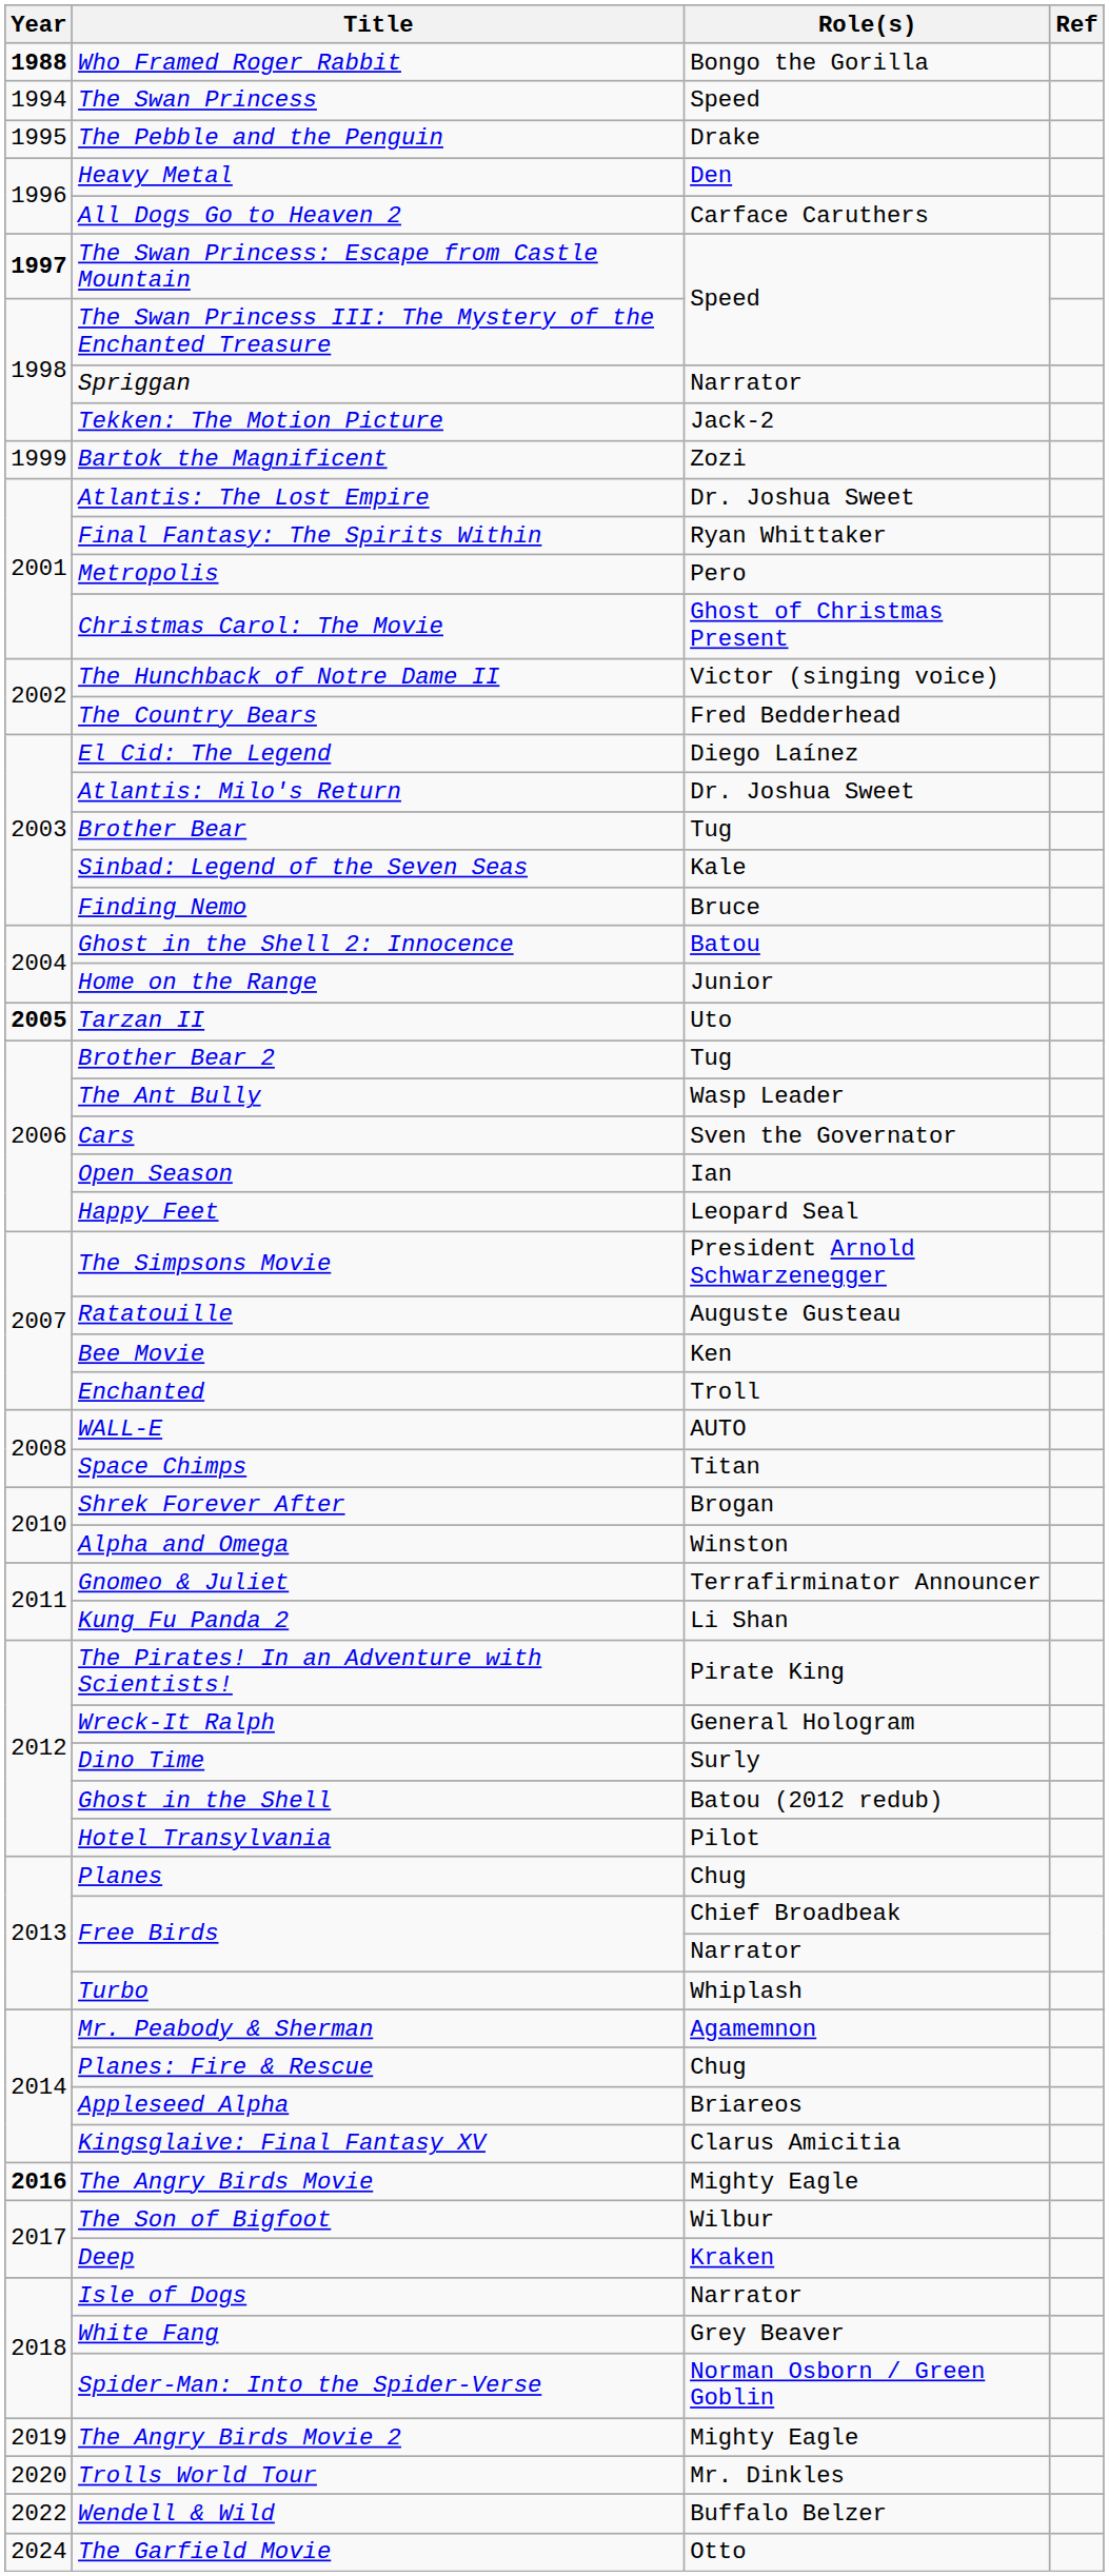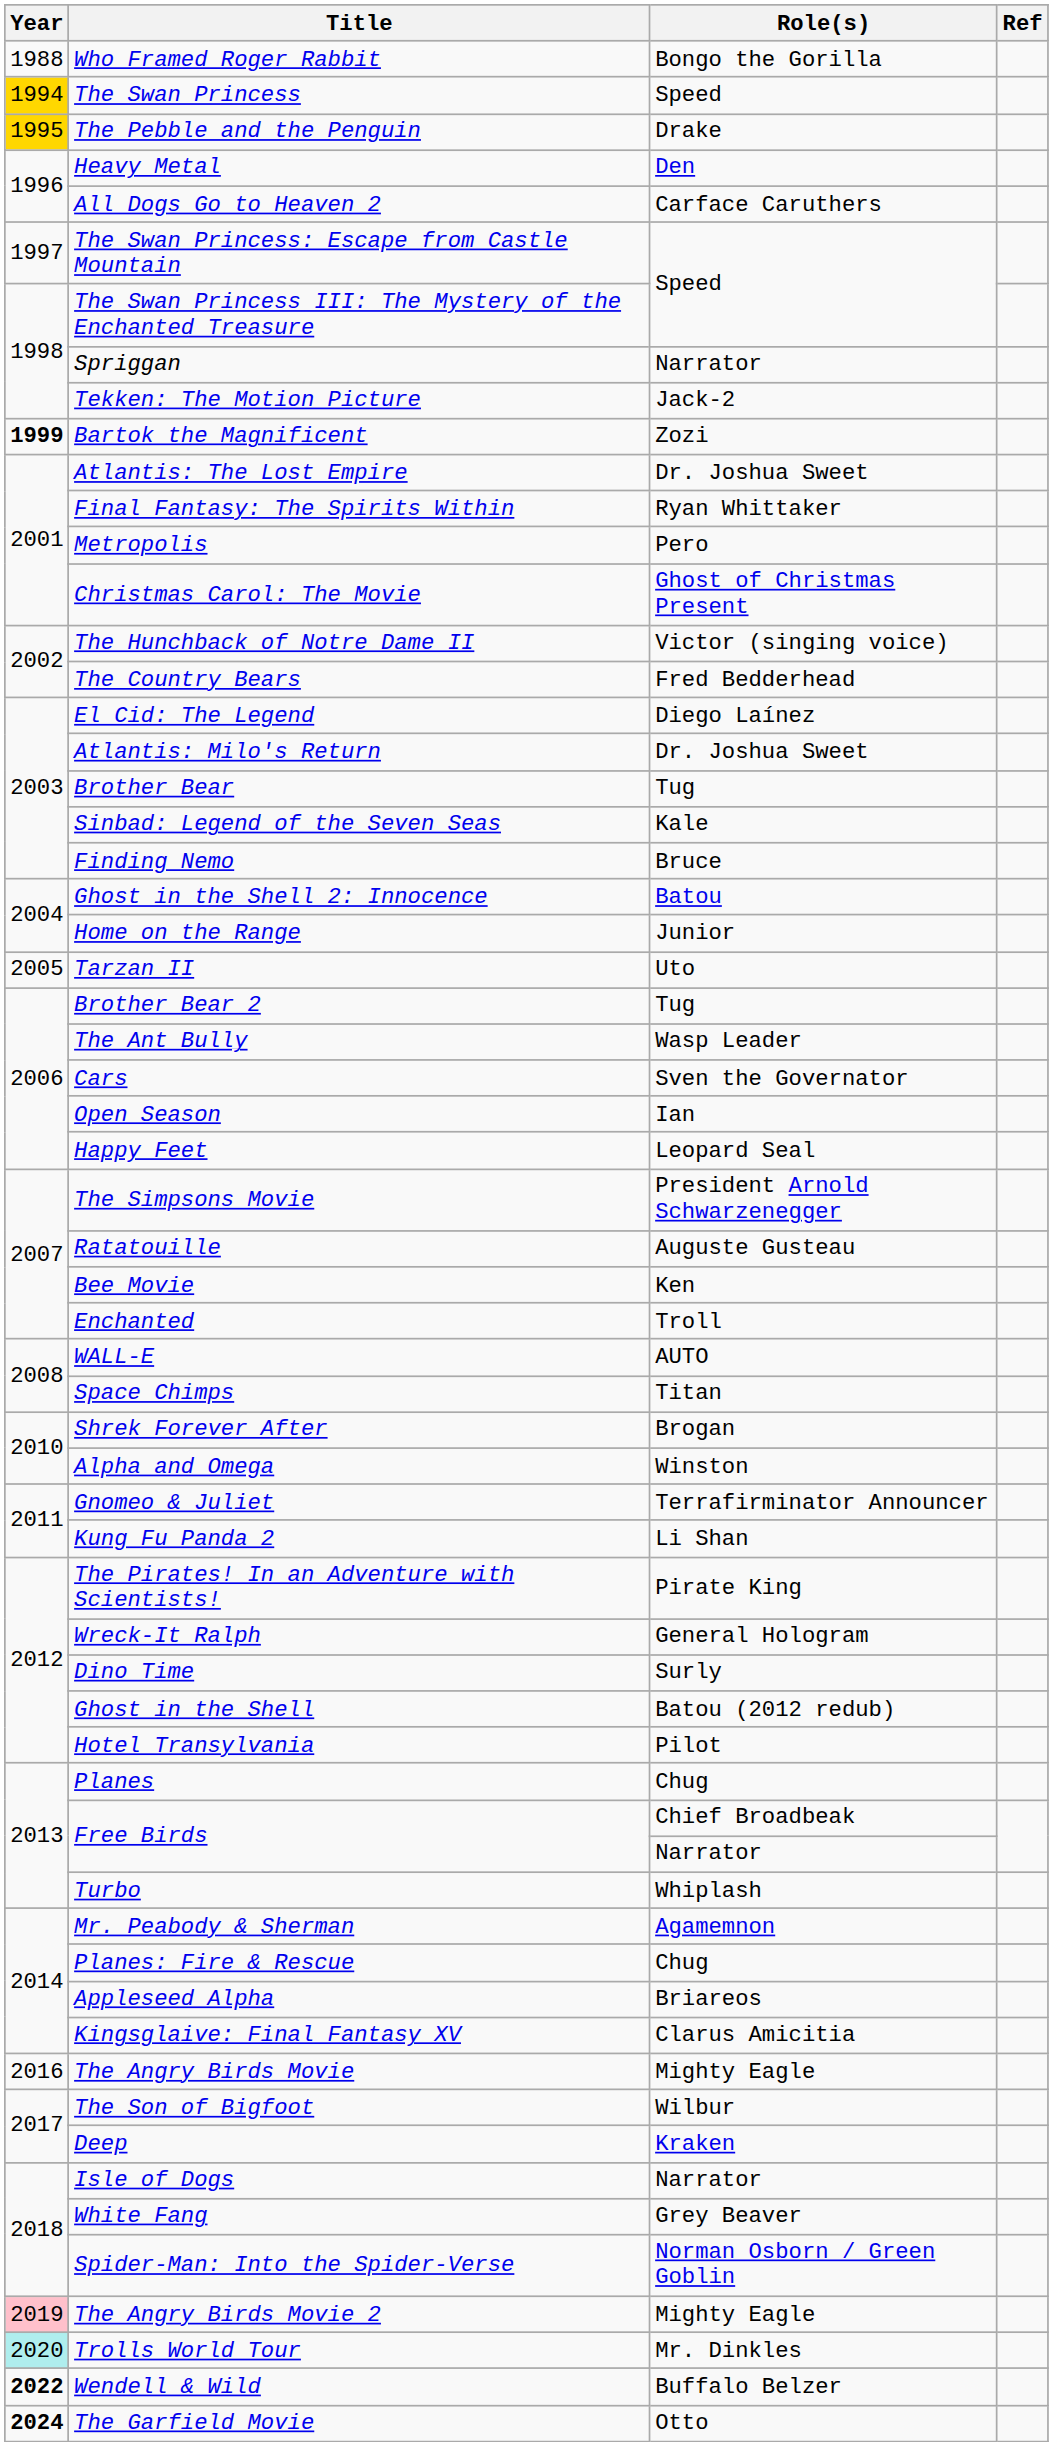 <table class="wikitable plainrowheaders sortable">
 <tr>
 <th scope="col">Year</th>
 <th scope="col">Title</th>
 <th scope="col">Role(s)</th>
 <th scope="col" class="unsortable">Ref</th>
 </tr>
 <tr>
-<td><strong>1988</strong></td>
+<td>1988</td>
 <td><em><a href='#'>Who Framed Roger Rabbit</a></em></td>
 <td>Bongo the Gorilla</td>
 <td></td>
 </tr>
 <tr>
-<td>1994</td>
+<td style="background: gold;">1994</td>
 <td><em><a href='#'>The Swan Princess</a></em></td>
 <td>Speed</td>
 <td></td>
 </tr>
 <tr>
-<td>1995</td>
+<td style="background: gold;">1995</td>
 <td><em><a href='#'>The Pebble and the Penguin</a></em></td>
 <td>Drake</td>
 <td></td>
 </tr>
 <tr>
 <td rowspan=2>1996</td>
 <td><em><a href='#'>Heavy Metal</a></em></td>
 <td><a href='#'>Den</a></td>
 <td></td>
 </tr>
 <tr>
 <td><em><a href='#'>All Dogs Go to Heaven 2</a></em></td>
 <td>Carface Caruthers</td>
 <td></td>
 </tr>
 <tr>
-<td><strong>1997</strong></td>
+<td>1997</td>
 <td><em><a href='#'>The Swan Princess: Escape from Castle Mountain</a></em></td>
 <td rowspan=2>Speed</td>
 <td></td>
 </tr>
 <tr>
 <td rowspan=3>1998</td>
 <td><em><a href='#'>The Swan Princess III: The Mystery of the Enchanted Treasure</a></em></td>
 <td></td>
 </tr>
 <tr>
 <td><em>Spriggan</em></td>
 <td>Narrator</td>
 <td></td>
 </tr>
 <tr>
 <td><em><a href='#'>Tekken: The Motion Picture</a></em></td>
 <td>Jack-2</td>
 <td></td>
 </tr>
 <tr>
-<td>1999</td>
+<td><strong>1999</strong></td>
 <td><em><a href='#'>Bartok the Magnificent</a></em></td>
 <td>Zozi</td>
 <td></td>
 </tr>
 <tr>
 <td rowspan=4>2001</td>
 <td><em><a href='#'>Atlantis: The Lost Empire</a></em></td>
 <td>Dr. Joshua Sweet</td>
 <td></td>
 </tr>
 <tr>
 <td><em><a href='#'>Final Fantasy: The Spirits Within</a></em></td>
 <td>Ryan Whittaker</td>
 <td></td>
 </tr>
 <tr>
 <td><em><a href='#'>Metropolis</a></em></td>
 <td>Pero</td>
 <td></td>
 </tr>
 <tr>
 <td><em><a href='#'>Christmas Carol: The Movie</a></em></td>
 <td><a href='#'>Ghost of Christmas Present</a></td>
 <td></td>
 </tr>
 <tr>
 <td rowspan=2>2002</td>
 <td><em><a href='#'>The Hunchback of Notre Dame II</a></em></td>
 <td>Victor (singing voice)</td>
 <td></td>
 </tr>
 <tr>
 <td><em><a href='#'>The Country Bears</a></em></td>
 <td>Fred Bedderhead</td>
 <td></td>
 </tr>
 <tr>
 <td rowspan=5>2003</td>
 <td><em><a href='#'>El Cid: The Legend</a></em></td>
 <td>Diego Laínez</td>
 <td></td>
 </tr>
 <tr>
 <td><em><a href='#'>Atlantis: Milo's Return</a></em></td>
 <td>Dr. Joshua Sweet</td>
 <td></td>
 </tr>
 <tr>
 <td><em><a href='#'>Brother Bear</a></em></td>
 <td>Tug</td>
 <td></td>
 </tr>
 <tr>
 <td><em><a href='#'>Sinbad: Legend of the Seven Seas</a></em></td>
 <td>Kale</td>
 <td></td>
 </tr>
 <tr>
 <td><em><a href='#'>Finding Nemo</a></em></td>
 <td>Bruce</td>
 <td></td>
 </tr>
 <tr>
 <td rowspan=2>2004</td>
 <td><em><a href='#'>Ghost in the Shell 2: Innocence</a></em></td>
 <td><a href='#'>Batou</a></td>
 <td></td>
 </tr>
 <tr>
 <td><em><a href='#'>Home on the Range</a></em></td>
 <td>Junior</td>
 <td></td>
 </tr>
 <tr>
-<td><strong>2005</strong></td>
+<td>2005</td>
 <td><em><a href='#'>Tarzan II</a></em></td>
 <td>Uto</td>
 <td></td>
 </tr>
 <tr>
 <td rowspan=5>2006</td>
 <td><em><a href='#'>Brother Bear 2</a></em></td>
 <td>Tug</td>
 <td></td>
 </tr>
 <tr>
 <td><em><a href='#'>The Ant Bully</a></em></td>
 <td>Wasp Leader</td>
 <td></td>
 </tr>
 <tr>
 <td><em><a href='#'>Cars</a></em></td>
 <td>Sven the Governator</td>
 <td></td>
 </tr>
 <tr>
 <td><em><a href='#'>Open Season</a></em></td>
 <td>Ian</td>
 <td></td>
 </tr>
 <tr>
 <td><em><a href='#'>Happy Feet</a></em></td>
 <td>Leopard Seal</td>
 <td></td>
 </tr>
 <tr>
 <td rowspan=4>2007</td>
 <td><em><a href='#'>The Simpsons Movie</a></em></td>
 <td>President <a href='#'>Arnold Schwarzenegger</a></td>
 <td></td>
 </tr>
 <tr>
 <td><em><a href='#'>Ratatouille</a></em></td>
 <td>Auguste Gusteau</td>
 <td></td>
 </tr>
 <tr>
 <td><em><a href='#'>Bee Movie</a></em></td>
 <td>Ken</td>
 <td></td>
 </tr>
 <tr>
 <td><em><a href='#'>Enchanted</a></em></td>
 <td>Troll</td>
 <td></td>
 </tr>
 <tr>
 <td rowspan=2>2008</td>
 <td><em><a href='#'>WALL-E</a></em></td>
 <td>AUTO</td>
 <td></td>
 </tr>
 <tr>
 <td><em><a href='#'>Space Chimps</a></em></td>
 <td>Titan</td>
 <td></td>
 </tr>
 <tr>
 <td rowspan=2>2010</td>
 <td><em><a href='#'>Shrek Forever After</a></em></td>
 <td>Brogan</td>
 <td></td>
 </tr>
 <tr>
 <td><em><a href='#'>Alpha and Omega</a></em></td>
 <td>Winston</td>
 <td></td>
 </tr>
 <tr>
 <td rowspan=2>2011</td>
 <td><em><a href='#'>Gnomeo & Juliet</a></em></td>
 <td>Terrafirminator Announcer</td>
 <td></td>
 </tr>
 <tr>
 <td><em><a href='#'>Kung Fu Panda 2</a></em></td>
 <td>Li Shan</td>
 <td></td>
 </tr>
 <tr>
 <td rowspan=5>2012</td>
 <td><em><a href='#'>The Pirates! In an Adventure with Scientists!</a></em></td>
 <td>Pirate King</td>
 <td></td>
 </tr>
 <tr>
 <td><em><a href='#'>Wreck-It Ralph</a></em></td>
 <td>General Hologram</td>
 <td></td>
 </tr>
 <tr>
 <td><em><a href='#'>Dino Time</a></em></td>
 <td>Surly</td>
 <td></td>
 </tr>
 <tr>
 <td><em><a href='#'>Ghost in the Shell</a></em></td>
 <td>Batou (2012 redub)</td>
 <td></td>
 </tr>
 <tr>
 <td><em><a href='#'>Hotel Transylvania</a></em></td>
 <td>Pilot</td>
 <td></td>
 </tr>
 <tr>
 <td rowspan=4>2013</td>
 <td><em><a href='#'>Planes</a></em></td>
 <td>Chug</td>
 <td></td>
 </tr>
 <tr>
 <td rowspan=2><em><a href='#'>Free Birds</a></em></td>
 <td>Chief Broadbeak</td>
 <td rowspan=2></td>
 </tr>
 <tr>
 <td>Narrator</td>
 </tr>
 <tr>
 <td><em><a href='#'>Turbo</a></em></td>
 <td>Whiplash</td>
 <td></td>
 </tr>
 <tr>
 <td rowspan=4>2014</td>
 <td><em><a href='#'>Mr. Peabody & Sherman</a></em></td>
 <td><a href='#'>Agamemnon</a></td>
 <td></td>
 </tr>
 <tr>
 <td><em><a href='#'>Planes: Fire & Rescue</a></em></td>
 <td>Chug</td>
 <td></td>
 </tr>
 <tr>
 <td><em><a href='#'>Appleseed Alpha</a></em></td>
 <td>Briareos</td>
 <td></td>
 </tr>
 <tr>
 <td><em><a href='#'>Kingsglaive: Final Fantasy XV</a></em></td>
 <td>Clarus Amicitia</td>
 <td></td>
 </tr>
 <tr>
-<td><strong>2016</strong></td>
+<td>2016</td>
 <td><em><a href='#'>The Angry Birds Movie</a></em></td>
 <td>Mighty Eagle</td>
 <td></td>
 </tr>
 <tr>
 <td rowspan=2>2017</td>
 <td><em><a href='#'>The Son of Bigfoot</a></em></td>
 <td>Wilbur</td>
 <td></td>
 </tr>
 <tr>
 <td><em><a href='#'>Deep</a></em></td>
 <td><a href='#'>Kraken</a></td>
 <td></td>
 </tr>
 <tr>
 <td rowspan=3>2018</td>
 <td><em><a href='#'>Isle of Dogs</a></em></td>
 <td>Narrator</td>
 <td></td>
 </tr>
 <tr>
 <td><em><a href='#'>White Fang</a></em></td>
 <td>Grey Beaver</td>
 <td></td>
 </tr>
 <tr>
 <td><em><a href='#'>Spider-Man: Into the Spider-Verse</a></em></td>
 <td><a href='#'>Norman Osborn / Green Goblin</a></td>
 <td></td>
 </tr>
 <tr>
-<td>2019</td>
+<td style="background: pink;">2019</td>
 <td><em><a href='#'>The Angry Birds Movie 2</a></em></td>
 <td>Mighty Eagle</td>
 <td></td>
 </tr>
 <tr>
-<td>2020</td>
+<td style="background: paleturquoise;">2020</td>
 <td><em><a href='#'>Trolls World Tour</a></em></td>
 <td>Mr. Dinkles</td>
 <td></td>
 </tr>
 <tr>
-<td>2022</td>
+<td><strong>2022</strong></td>
 <td><em><a href='#'>Wendell & Wild</a></em></td>
 <td>Buffalo Belzer</td>
 <td></td>
 </tr>
 <tr>
-<td>2024</td>
+<td><strong>2024</strong></td>
 <td><em><a href='#'>The Garfield Movie</a></em></td>
 <td>Otto</td>
 <td></td>
 </tr>
 </table>
